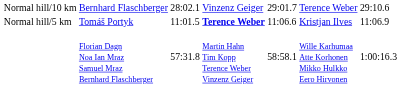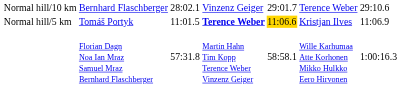 <table>
 <tr>
 <td>Normal hill/10 km</td>
 <td><a href='#'>Bernhard Flaschberger</a><br></td>
 <td>28:02.1</td>
 <td><a href='#'>Vinzenz Geiger</a><br></td>
 <td>29:01.7</td>
 <td><a href='#'>Terence Weber</a><br></td>
 <td>29:10.6</td>
 </tr>
 <tr>
 <td>Normal hill/5 km</td>
 <td><a href='#'>Tomáš Portyk</a><br></td>
 <td>11:01.5</td>
 <td><strong><a href='#'>Terence Weber</a><br></strong></td>
-<td>11:06.6</td>
+<td style="background: gold;">11:06.6</td>
 <td><a href='#'>Kristjan Ilves</a><br></td>
 <td>11:06.9</td>
 </tr>
 <tr>
 <td></td>
 <td><br><small><a href='#'>Florian Dagn</a><br><a href='#'>Noa Ian Mraz</a><br><a href='#'>Samuel Mraz</a><br><a href='#'>Bernhard Flaschberger</a></small></td>
 <td>57:31.8</td>
 <td><br><small><a href='#'>Martin Hahn</a><br><a href='#'>Tim Kopp</a><br><a href='#'>Terence Weber</a><br><a href='#'>Vinzenz Geiger</a></small></td>
 <td>58:58.1</td>
 <td><br><small><a href='#'>Wille Karhumaa</a><br><a href='#'>Atte Korhonen</a><br><a href='#'>Mikko Hulkko</a><br><a href='#'>Eero Hirvonen</a></small></td>
 <td>1:00:16.3</td>
 </tr>
 <tr>
 </tr>
 </table>
